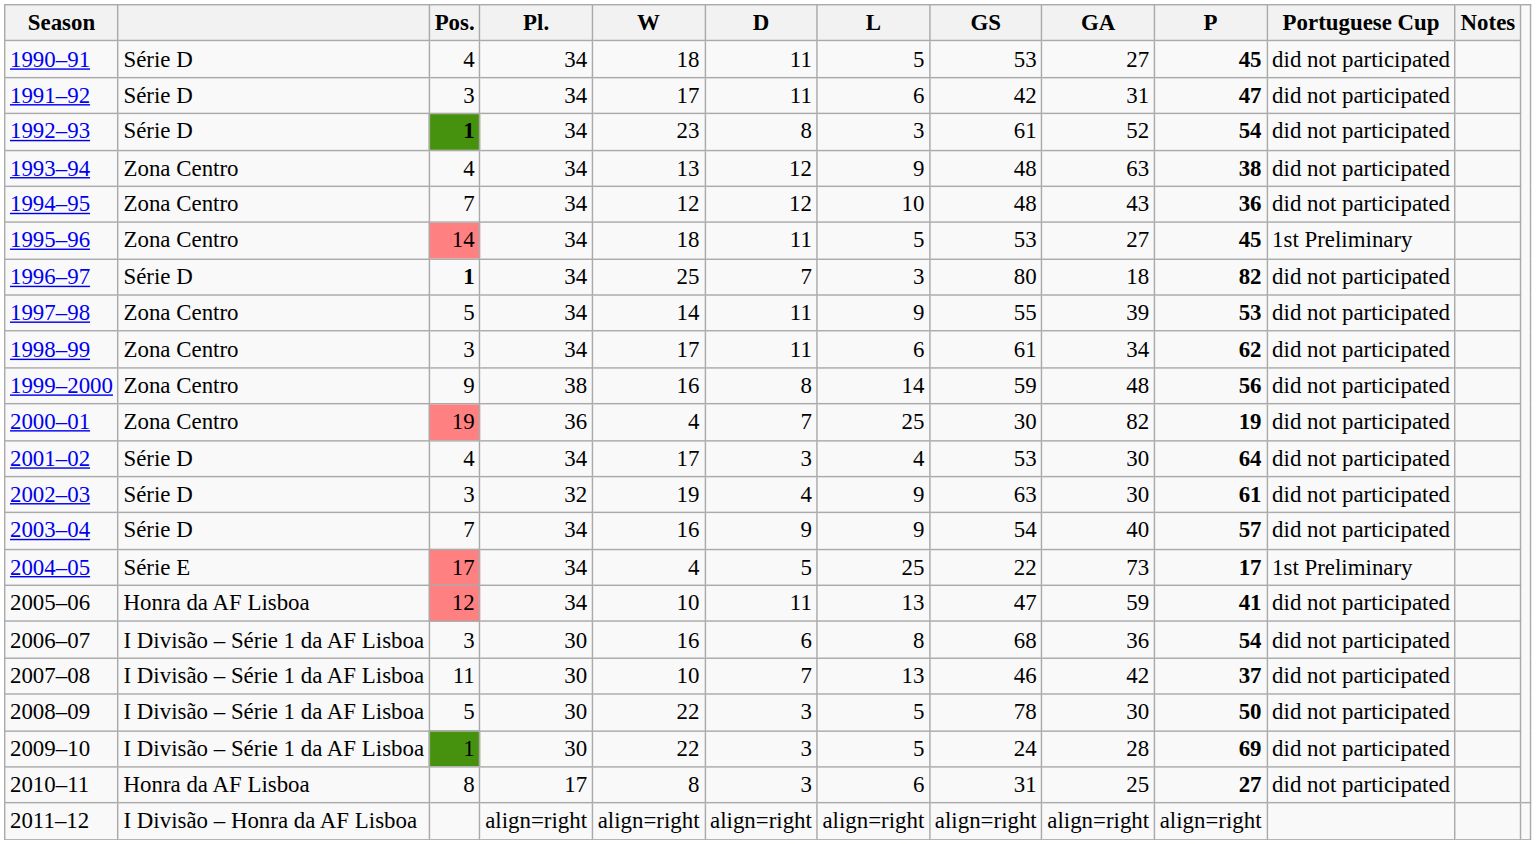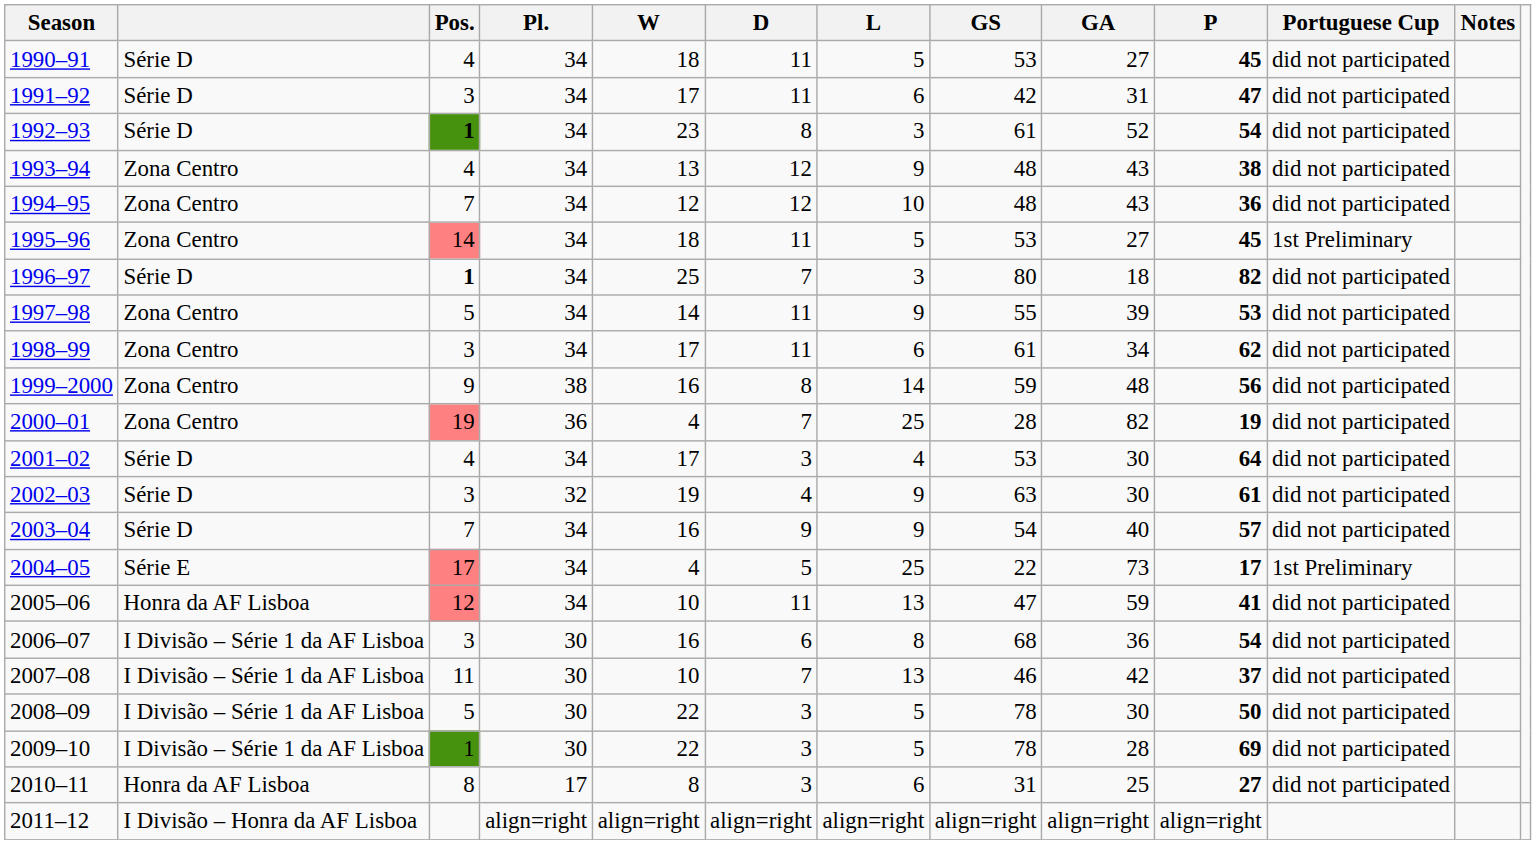 <table class="wikitable">
 <tr>
 <th>Season</th>
 <th></th>
 <th>Pos.</th>
 <th>Pl.</th>
 <th>W</th>
 <th>D</th>
 <th>L</th>
 <th>GS</th>
 <th>GA</th>
 <th>P</th>
 <th>Portuguese Cup</th>
 <th>Notes</th>
 </tr>
 <tr>
 <td><a href='#'>1990–91</a></td>
 <td>Série D</td>
 <td align=right>4</td>
 <td align=right>34</td>
 <td align=right>18</td>
 <td align=right>11</td>
 <td align=right>5</td>
 <td align=right>53</td>
 <td align=right>27</td>
 <td align=right><strong>45</strong></td>
 <td>did not participated</td>
 <td></td>
 </tr>
 <tr>
 <td><a href='#'>1991–92</a></td>
 <td>Série D</td>
 <td align=right>3</td>
 <td align=right>34</td>
 <td align=right>17</td>
 <td align=right>11</td>
 <td align=right>6</td>
 <td align=right>42</td>
 <td align=right>31</td>
 <td align=right><strong>47</strong></td>
 <td>did not participated</td>
 <td></td>
 </tr>
 <tr>
 <td><a href='#'>1992–93</a></td>
 <td>Série D</td>
 <td align=right bgcolor="#46920E"><strong>1</strong></td>
 <td align=right>34</td>
 <td align=right>23</td>
 <td align=right>8</td>
 <td align=right>3</td>
 <td align=right>61</td>
 <td align=right>52</td>
 <td align=right><strong>54</strong></td>
 <td>did not participated</td>
 <td Promoted></td>
 </tr>
 <tr>
 <td><a href='#'>1993–94</a></td>
 <td>Zona Centro</td>
 <td align=right>4</td>
 <td align=right>34</td>
 <td align=right>13</td>
 <td align=right>12</td>
 <td align=right>9</td>
 <td align=right>48</td>
-<td align=right>63</td>
+<td align=right>43</td>
 <td align=right><strong>38</strong></td>
 <td>did not participated</td>
 <td></td>
 </tr>
 <tr>
 <td><a href='#'>1994–95</a></td>
 <td>Zona Centro</td>
 <td align=right>7</td>
 <td align=right>34</td>
 <td align=right>12</td>
 <td align=right>12</td>
 <td align=right>10</td>
 <td align=right>48</td>
 <td align=right>43</td>
 <td align=right><strong>36</strong></td>
 <td>did not participated</td>
 <td></td>
 </tr>
 <tr>
 <td><a href='#'>1995–96</a></td>
 <td>Zona Centro</td>
 <td align=right bgcolor="#FF8080">14</td>
 <td align=right>34</td>
 <td align=right>18</td>
 <td align=right>11</td>
 <td align=right>5</td>
 <td align=right>53</td>
 <td align=right>27</td>
 <td align=right><strong>45</strong></td>
 <td>1st Preliminary</td>
 <td Relegated></td>
 </tr>
 <tr>
 <td><a href='#'>1996–97</a></td>
 <td>Série D</td>
 <td align=right><strong>1</strong></td>
 <td align=right>34</td>
 <td align=right>25</td>
 <td align=right>7</td>
 <td align=right>3</td>
 <td align=right>80</td>
 <td align=right>18</td>
 <td align=right><strong>82</strong></td>
 <td>did not participated</td>
 <td Promoted></td>
 </tr>
 <tr>
 <td><a href='#'>1997–98</a></td>
 <td>Zona Centro</td>
 <td align=right>5</td>
 <td align=right>34</td>
 <td align=right>14</td>
 <td align=right>11</td>
 <td align=right>9</td>
 <td align=right>55</td>
 <td align=right>39</td>
 <td align=right><strong>53</strong></td>
 <td>did not participated</td>
 <td></td>
 </tr>
 <tr>
 <td><a href='#'>1998–99</a></td>
 <td>Zona Centro</td>
 <td align=right>3</td>
 <td align=right>34</td>
 <td align=right>17</td>
 <td align=right>11</td>
 <td align=right>6</td>
 <td align=right>61</td>
 <td align=right>34</td>
 <td align=right><strong>62</strong></td>
 <td>did not participated</td>
 <td></td>
 </tr>
 <tr>
 <td><a href='#'>1999–2000</a></td>
 <td>Zona Centro</td>
 <td align=right>9</td>
 <td align=right>38</td>
 <td align=right>16</td>
 <td align=right>8</td>
 <td align=right>14</td>
 <td align=right>59</td>
 <td align=right>48</td>
 <td align=right><strong>56</strong></td>
 <td>did not participated</td>
 <td></td>
 </tr>
 <tr>
 <td><a href='#'>2000–01</a></td>
 <td>Zona Centro</td>
 <td align=right bgcolor="#FF8080">19</td>
 <td align=right>36</td>
 <td align=right>4</td>
 <td align=right>7</td>
 <td align=right>25</td>
-<td align=right>30</td>
+<td align=right>28</td>
 <td align=right>82</td>
 <td align=right><strong>19</strong></td>
 <td>did not participated</td>
 <td Relegated></td>
 </tr>
 <tr>
 <td><a href='#'>2001–02</a></td>
 <td>Série D</td>
 <td align=right>4</td>
 <td align=right>34</td>
 <td align=right>17</td>
 <td align=right>3</td>
 <td align=right>4</td>
 <td align=right>53</td>
 <td align=right>30</td>
 <td align=right><strong>64</strong></td>
 <td>did not participated</td>
 <td></td>
 </tr>
 <tr>
 <td><a href='#'>2002–03</a></td>
 <td>Série D</td>
 <td align=right>3</td>
 <td align=right>32</td>
 <td align=right>19</td>
 <td align=right>4</td>
 <td align=right>9</td>
 <td align=right>63</td>
 <td align=right>30</td>
 <td align=right><strong>61</strong></td>
 <td>did not participated</td>
 <td></td>
 </tr>
 <tr>
 <td><a href='#'>2003–04</a></td>
 <td>Série D</td>
 <td align=right>7</td>
 <td align=right>34</td>
 <td align=right>16</td>
 <td align=right>9</td>
 <td align=right>9</td>
 <td align=right>54</td>
 <td align=right>40</td>
 <td align=right><strong>57</strong></td>
 <td>did not participated</td>
 <td></td>
 </tr>
 <tr>
 <td><a href='#'>2004–05</a></td>
 <td>Série E</td>
 <td align=right bgcolor="#FF8080">17</td>
 <td align=right>34</td>
 <td align=right>4</td>
 <td align=right>5</td>
 <td align=right>25</td>
 <td align=right>22</td>
 <td align=right>73</td>
 <td align=right><strong>17</strong></td>
 <td>1st Preliminary</td>
 <td Relegated></td>
 </tr>
 <tr>
 <td>2005–06</td>
 <td>Honra da AF Lisboa</td>
 <td align=right bgcolor="#FF8080">12</td>
 <td align=right>34</td>
 <td align=right>10</td>
 <td align=right>11</td>
 <td align=right>13</td>
 <td align=right>47</td>
 <td align=right>59</td>
 <td align=right><strong>41</strong></td>
 <td>did not participated</td>
 <td Relegated></td>
 </tr>
 <tr>
 <td>2006–07</td>
 <td>I Divisão – Série 1 da AF Lisboa</td>
 <td align=right>3</td>
 <td align=right>30</td>
 <td align=right>16</td>
 <td align=right>6</td>
 <td align=right>8</td>
 <td align=right>68</td>
 <td align=right>36</td>
 <td align=right><strong>54</strong></td>
 <td>did not participated</td>
 <td></td>
 </tr>
 <tr>
 <td>2007–08</td>
 <td>I Divisão – Série 1 da AF Lisboa</td>
 <td align=right>11</td>
 <td align=right>30</td>
 <td align=right>10</td>
 <td align=right>7</td>
 <td align=right>13</td>
 <td align=right>46</td>
 <td align=right>42</td>
 <td align=right><strong>37</strong></td>
 <td>did not participated</td>
 <td></td>
 </tr>
 <tr>
 <td>2008–09</td>
 <td>I Divisão – Série 1 da AF Lisboa</td>
 <td align=right>5</td>
 <td align=right>30</td>
 <td align=right>22</td>
 <td align=right>3</td>
 <td align=right>5</td>
 <td align=right>78</td>
 <td align=right>30</td>
 <td align=right><strong>50</strong></td>
 <td>did not participated</td>
 <td></td>
 </tr>
 <tr>
 <td>2009–10</td>
 <td>I Divisão – Série 1 da AF Lisboa</td>
 <td align=right bgcolor="46920E">1</td>
 <td align=right>30</td>
 <td align=right>22</td>
 <td align=right>3</td>
 <td align=right>5</td>
-<td align=right>24</td>
+<td align=right>78</td>
 <td align=right>28</td>
 <td align=right><strong>69</strong></td>
 <td>did not participated</td>
 <td></td>
 </tr>
 <tr>
 <td>2010–11</td>
 <td>Honra da AF Lisboa</td>
 <td align=right>8</td>
 <td align=right>17</td>
 <td align=right>8</td>
 <td align=right>3</td>
 <td align=right>6</td>
 <td align=right>31</td>
 <td align=right>25</td>
 <td align=right><strong>27</strong></td>
 <td>did not participated</td>
 <td></td>
 </tr>
 <tr>
 <td>2011–12</td>
 <td>I Divisão – Honra da AF Lisboa</td>
 <td align=right></td>
 <td>align=right</td>
 <td>align=right</td>
 <td>align=right</td>
 <td>align=right</td>
 <td>align=right</td>
 <td>align=right</td>
 <td>align=right</td>
 <td></td>
 <td></td>
 <td></td>
 </tr>
 </table>
